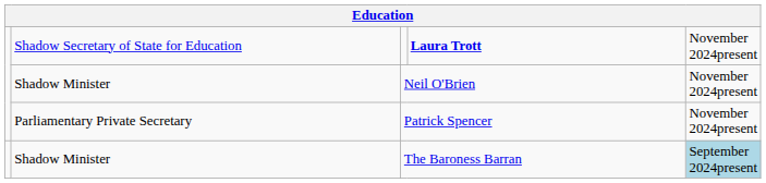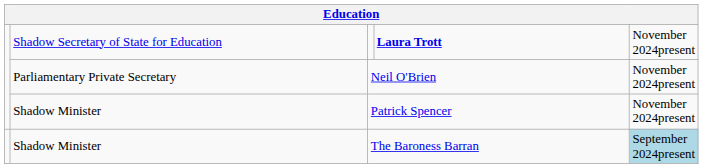 <table class="wikitable">
 <tr>
 <th colspan="5"><a href='#'>Education</a></th>
 </tr>
 <tr>
 <td rowspan="3" style="background: "></td>
 <td style="width: 450px;"><a href='#'>Shadow Secretary of State for Education</a></td>
 <td style="background: "></td>
 <td style="width: 320px;"><a href='#'><strong>Laura Trott</strong></a></td>
 <td>November 2024present</td>
 </tr>
 <tr>
-<td>Shadow Minister</td>
+<td>Parliamentary Private Secretary</td>
 <td colspan="2"><a href='#'>Neil O'Brien</a></td>
 <td>November 2024present</td>
 </tr>
 <tr>
-<td>Parliamentary Private Secretary</td>
+<td>Shadow Minister</td>
 <td colspan="2"><a href='#'>Patrick Spencer</a></td>
 <td>November 2024present</td>
 </tr>
 <tr>
 <td style="background: "></td>
 <td>Shadow Minister</td>
 <td colspan="2"><a href='#'>The Baroness Barran</a></td>
 <td style="background: lightblue;">September 2024present</td>
 </tr>
 </table>
